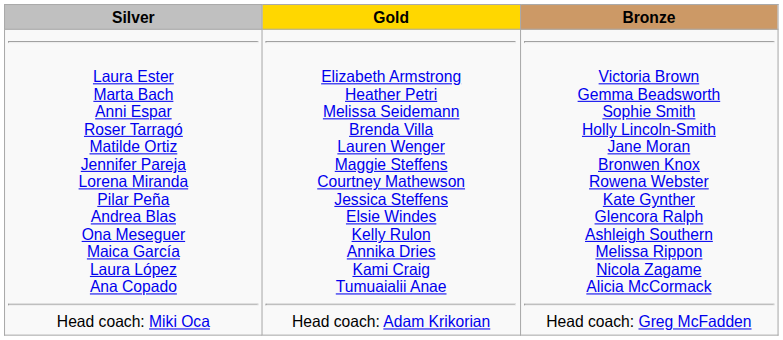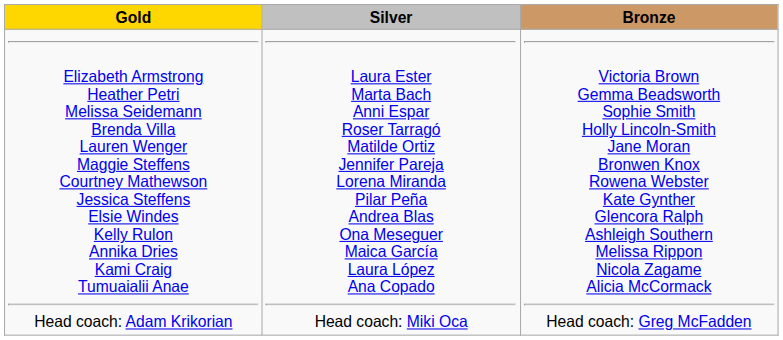 <table class="wikitable" style="text-align:center; font-size: 95%;">
 <tr>
+<th style="width: 16em;background: gold">Gold</th>
 <th style="width: 16em;background: silver">Silver</th>
-<th style="width: 16em;background: gold">Gold</th>
 <th style="width: 16em;background: #CC9966">Bronze</th>
 </tr>
 <tr>
+<td><hr><br><a href='#'>Elizabeth Armstrong</a><br><a href='#'>Heather Petri</a><br><a href='#'>Melissa Seidemann</a><br><a href='#'>Brenda Villa</a><br><a href='#'>Lauren Wenger</a><br><a href='#'>Maggie Steffens</a><br><a href='#'>Courtney Mathewson</a><br><a href='#'>Jessica Steffens</a><br><a href='#'>Elsie Windes</a><br><a href='#'>Kelly Rulon</a><br><a href='#'>Annika Dries</a><br><a href='#'>Kami Craig</a><br><a href='#'>Tumuaialii Anae</a><br><hr>Head coach: <a href='#'>Adam Krikorian</a></td>
 <td><hr><br><a href='#'>Laura Ester</a><br><a href='#'>Marta Bach</a><br><a href='#'>Anni Espar</a><br><a href='#'>Roser Tarragó</a><br><a href='#'>Matilde Ortiz</a><br><a href='#'>Jennifer Pareja</a><br><a href='#'>Lorena Miranda</a><br><a href='#'>Pilar Peña</a><br><a href='#'>Andrea Blas</a><br><a href='#'>Ona Meseguer</a><br><a href='#'>Maica García</a><br><a href='#'>Laura López</a><br><a href='#'>Ana Copado</a><br><hr>Head coach: <a href='#'>Miki Oca</a></td>
-<td><hr><br><a href='#'>Elizabeth Armstrong</a><br><a href='#'>Heather Petri</a><br><a href='#'>Melissa Seidemann</a><br><a href='#'>Brenda Villa</a><br><a href='#'>Lauren Wenger</a><br><a href='#'>Maggie Steffens</a><br><a href='#'>Courtney Mathewson</a><br><a href='#'>Jessica Steffens</a><br><a href='#'>Elsie Windes</a><br><a href='#'>Kelly Rulon</a><br><a href='#'>Annika Dries</a><br><a href='#'>Kami Craig</a><br><a href='#'>Tumuaialii Anae</a><br><hr>Head coach: <a href='#'>Adam Krikorian</a></td>
 <td><hr><br><a href='#'>Victoria Brown</a><br><a href='#'>Gemma Beadsworth</a><br><a href='#'>Sophie Smith</a><br><a href='#'>Holly Lincoln-Smith</a><br><a href='#'>Jane Moran</a><br><a href='#'>Bronwen Knox</a><br><a href='#'>Rowena Webster</a><br><a href='#'>Kate Gynther</a><br><a href='#'>Glencora Ralph</a><br><a href='#'>Ashleigh Southern</a><br><a href='#'>Melissa Rippon</a><br><a href='#'>Nicola Zagame</a><br><a href='#'>Alicia McCormack</a><br><hr>Head coach: <a href='#'>Greg McFadden</a></td>
 </tr>
 </table>
